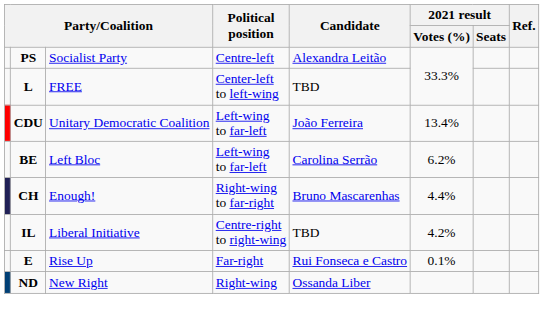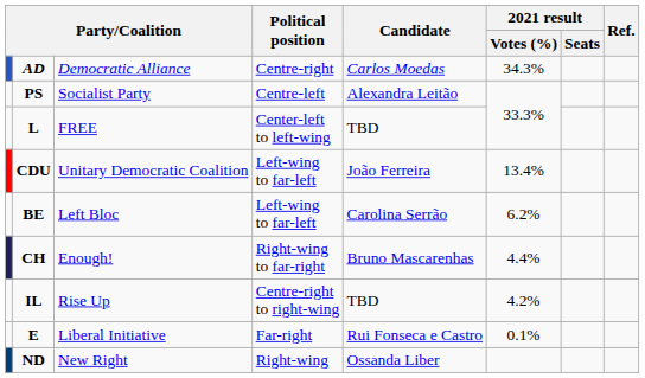 <table class="wikitable">
 <tr>
 <th rowspan="2" colspan="3">Party/Coalition</th>
 <th rowspan="2">Political<br>position</th>
 <th rowspan="2">Candidate</th>
 <th colspan="2">2021 result</th>
 <th rowspan="2">Ref.</th>
 </tr>
 <tr>
 <th>Votes (%)</th>
 <th>Seats</th>
+</tr>
+<tr>
+<td style="background:#2A52BE;"></td>
+<td style="text-align:center;"><strong><em>AD</em></strong></td>
+<td><a href='#'><em>Democratic Alliance</em></a><br> </td>
+<td><a href='#'>Centre-right</a></td>
+<td><em><a href='#'>Carlos Moedas</a></em></td>
+<td style="text-align:center;">34.3%</td>
+<td></td>
+<td></td>
 </tr>
 <tr>
 <td style="color:inherit;background:"></td>
 <td style="text-align:center;"><strong>PS</strong></td>
 <td><a href='#'>Socialist Party</a><br></td>
 <td><a href='#'>Centre-left</a></td>
 <td><a href='#'>Alexandra Leitão</a></td>
 <td rowspan="2" style="text-align:center;">33.3%</td>
 <td></td>
 <td></td>
 </tr>
 <tr>
 <td style="color:inherit;background:"></td>
 <td style="text-align:center;"><strong>L</strong></td>
 <td><a href='#'>FREE</a><br></td>
 <td><a href='#'>Center-left</a><br>to <a href='#'>left-wing</a></td>
 <td>TBD</td>
 <td></td>
 <td></td>
 </tr>
 <tr>
 <td style="background:#f00;"></td>
 <td style="text-align:center;"><strong>CDU</strong></td>
 <td><a href='#'>Unitary Democratic Coalition</a><br> </td>
 <td><a href='#'>Left-wing</a><br>to <a href='#'>far-left</a></td>
 <td><a href='#'>João Ferreira</a></td>
 <td style="text-align:center;">13.4%</td>
 <td></td>
 <td></td>
 </tr>
 <tr>
 <td style="color:inherit;background:"></td>
 <td style="text-align:center;"><strong>BE</strong></td>
 <td><a href='#'>Left Bloc</a><br></td>
 <td><a href='#'>Left-wing</a><br>to <a href='#'>far-left</a></td>
 <td><a href='#'>Carolina Serrão</a></td>
 <td style="text-align:center;">6.2%</td>
 <td></td>
 <td></td>
 </tr>
 <tr>
 <td style="background:#202056;"></td>
 <td style="text-align:center;"><strong>CH</strong></td>
 <td><a href='#'>Enough!</a><br></td>
 <td><a href='#'>Right-wing</a><br>to <a href='#'>far-right</a></td>
 <td><a href='#'>Bruno Mascarenhas</a></td>
 <td style="text-align:center;">4.4%</td>
 <td></td>
 <td></td>
 </tr>
 <tr>
 <td style="color:inherit;background:"></td>
 <td style="text-align:center;"><strong>IL</strong></td>
-<td><a href='#'>Liberal Initiative</a><br></td>
+<td><a href='#'>Rise Up</a><br></td>
 <td><a href='#'>Centre-right</a><br> to <a href='#'>right-wing</a></td>
 <td>TBD</td>
 <td style="text-align:center;">4.2%</td>
 <td></td>
 <td></td>
 </tr>
 <tr>
 <td style="color:inherit;background:"></td>
 <td style="text-align:center;"><strong>E</strong></td>
-<td><a href='#'>Rise Up</a><br></td>
+<td><a href='#'>Liberal Initiative</a><br></td>
 <td><a href='#'>Far-right</a></td>
 <td><a href='#'>Rui Fonseca e Castro</a></td>
 <td style="text-align:center;">0.1%</td>
 <td></td>
 <td></td>
 </tr>
 <tr>
 <td style="background:#003F75;"></td>
 <td style="text-align:center;"><strong>ND</strong></td>
 <td><a href='#'>New Right</a><br></td>
 <td><a href='#'>Right-wing</a></td>
 <td><a href='#'>Ossanda Liber</a></td>
 <td></td>
 <td></td>
 <td></td>
 </tr>
 </table>
